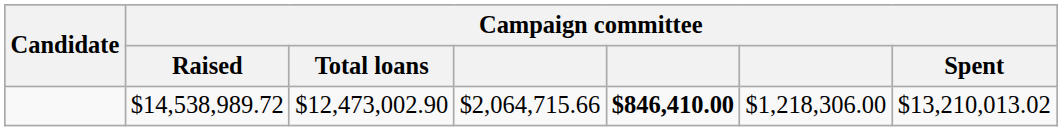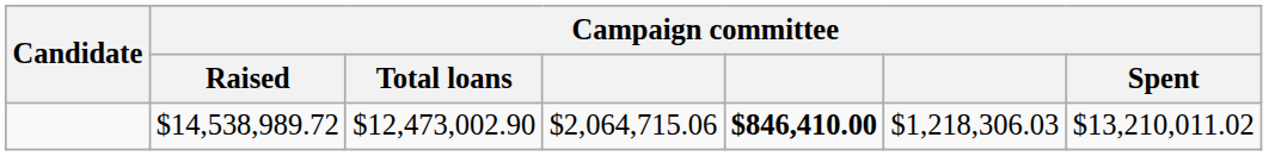 <table class="wikitable sortable" style="font-size:90%;text-align:center;">
 <tr>
 <th rowspan="2">Candidate</th>
 <th colspan="8">Campaign committee</th>
 </tr>
 <tr>
 <th>Raised</th>
 <th>Total loans</th>
 <th></th>
 <th></th>
 <th></th>
 <th>Spent</th>
 </tr>
 <tr>
 <td></td>
 <td>$14,538,989.72</td>
 <td>$12,473,002.90</td>
-<td>$2,064,715.66</td>
+<td>$2,064,715.06</td>
 <td><strong>$846,410.00</strong></td>
-<td>$1,218,306.00</td>
-<td>$13,210,013.02</td>
+<td>$1,218,306.03</td>
+<td>$13,210,011.02</td>
 </tr>
 </table>
